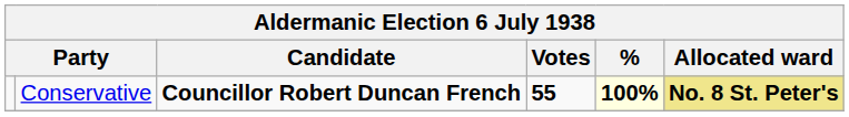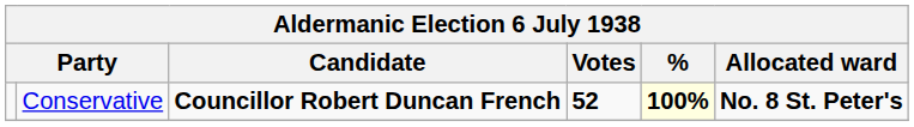 <table class="wikitable">
 <tr>
 <th colspan="6"><strong>Aldermanic Election 6 July 1938</strong></th>
 </tr>
 <tr>
 <th colspan="2">Party</th>
 <th>Candidate</th>
 <th>Votes</th>
 <th>%</th>
 <th>Allocated ward</th>
 </tr>
 <tr>
 <td style="background-color:"></td>
 <td><a href='#'>Conservative</a></td>
 <td><strong>Councillor Robert Duncan French</strong></td>
-<td><strong>55</strong></td>
+<td><strong>52</strong></td>
 <td style="background: lightyellow;"><strong>100%</strong></td>
-<td style="background: khaki;"><strong>No. 8 St. Peter's</strong></td>
+<td><strong>No. 8 St. Peter's</strong></td>
 </tr>
 <tr>
 </tr>
 </table>
